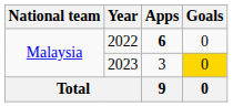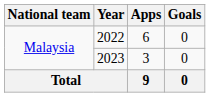 <table class=wikitable style="text-align: center;">
 <tr>
 <th>National team</th>
 <th>Year</th>
 <th>Apps</th>
 <th>Goals</th>
 </tr>
 <tr>
 <td rowspan=2><a href='#'>Malaysia</a></td>
 <td>2022</td>
-<td><strong>6</strong></td>
+<td>6</td>
 <td>0</td>
 </tr>
 <tr>
 <td>2023</td>
 <td>3</td>
-<td style="background: gold;">0</td>
+<td>0</td>
 </tr>
 <tr>
 <th colspan=2>Total</th>
 <th>9</th>
 <th>0</th>
 </tr>
 </table>
